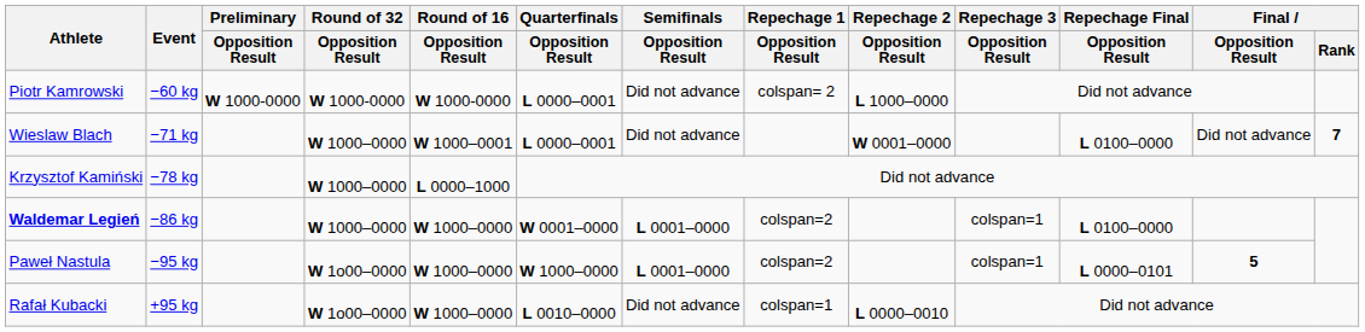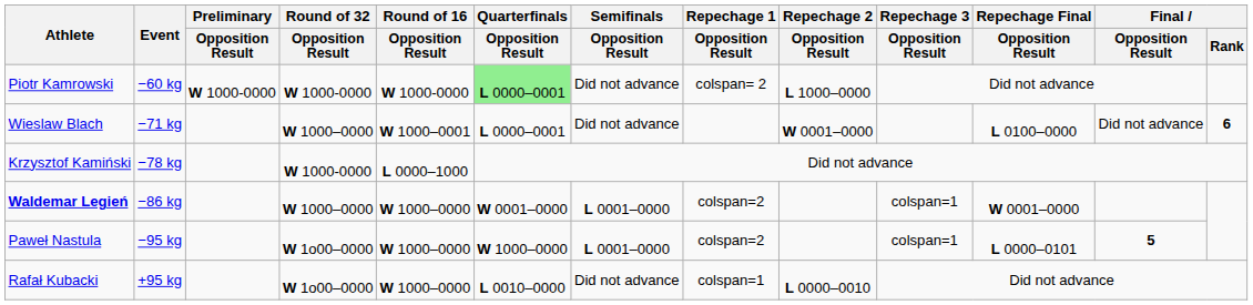 <table class="wikitable" style="font-size:90%">
 <tr>
 <th rowspan="2">Athlete</th>
 <th rowspan="2">Event</th>
 <th>Preliminary</th>
 <th>Round of 32</th>
 <th>Round of 16</th>
 <th>Quarterfinals</th>
 <th>Semifinals</th>
 <th>Repechage 1</th>
 <th>Repechage 2</th>
 <th>Repechage 3</th>
 <th>Repechage Final</th>
 <th colspan=2>Final / </th>
 </tr>
 <tr style="font-size:95%">
 <th>Opposition<br>Result</th>
 <th>Opposition<br>Result</th>
 <th>Opposition<br>Result</th>
 <th>Opposition<br>Result</th>
 <th>Opposition<br>Result</th>
 <th>Opposition<br>Result</th>
 <th>Opposition<br>Result</th>
 <th>Opposition<br>Result</th>
 <th>Opposition<br>Result</th>
 <th>Opposition<br>Result</th>
 <th>Rank</th>
 </tr>
 <tr align=center>
 <td align=left><a href='#'>Piotr Kamrowski</a></td>
 <td align=left><a href='#'>−60 kg</a></td>
 <td><br><strong>W</strong> 1000-0000</td>
 <td><br><strong>W</strong> 1000-0000</td>
 <td><br><strong>W</strong> 1000-0000</td>
-<td><br><strong>L</strong> 0000–0001</td>
+<td style="background: lightgreen;"><br><strong>L</strong> 0000–0001</td>
 <td>Did not advance</td>
 <td>colspan= 2 </td>
 <td><br><strong>L</strong> 1000–0000</td>
 <td colspan= 3>Did not advance</td>
 </tr>
 <tr align=center>
 <td align=left><a href='#'>Wieslaw Blach</a></td>
 <td align=left><a href='#'>−71 kg</a></td>
 <td></td>
 <td><br><strong>W</strong> 1000–0000</td>
 <td><br><strong>W</strong> 1000–0001</td>
 <td><br><strong>L</strong> 0000–0001</td>
 <td>Did not advance</td>
 <td></td>
 <td><br><strong>W</strong> 0001–0000</td>
 <td></td>
 <td><br><strong>L</strong> 0100–0000</td>
 <td>Did not advance</td>
-<td><strong>7</strong></td>
+<td><strong>6</strong></td>
 </tr>
 <tr align=center>
 <td align=left><a href='#'>Krzysztof Kamiński</a></td>
 <td align=left><a href='#'>−78 kg</a></td>
 <td></td>
-<td><br><strong>W</strong> 1000–0000</td>
+<td><br><strong>W</strong> 1000-0000</td>
 <td><br><strong>L</strong> 0000–1000</td>
 <td colspan=8>Did not advance</td>
 </tr>
 <tr align=center>
 <td align=left><strong><a href='#'>Waldemar Legień</a></strong></td>
 <td align=left><a href='#'>−86 kg</a></td>
 <td></td>
 <td><br><strong>W</strong> 1000–0000</td>
 <td><br><strong>W</strong> 1000–0000</td>
 <td><br><strong>W</strong> 0001–0000</td>
 <td><br><strong>L</strong> 0001–0000</td>
 <td>colspan=2 </td>
 <td></td>
 <td>colspan=1 </td>
-<td><br><strong>L</strong> 0100–0000</td>
+<td><br><strong>W</strong> 0001–0000</td>
 <td></td>
 </tr>
 <tr align=center>
 <td align=left><a href='#'>Paweł Nastula</a></td>
 <td align=left><a href='#'>−95 kg</a></td>
 <td></td>
 <td><br><strong>W</strong> 1o00–0000</td>
 <td><br><strong>W</strong> 1000–0000</td>
 <td><br><strong>W</strong> 1000–0000</td>
 <td><br><strong>L</strong> 0001–0000</td>
 <td>colspan=2 </td>
 <td></td>
 <td>colspan=1 </td>
 <td><br><strong>L</strong> 0000–0101</td>
 <td><strong>5</strong></td>
 </tr>
 <tr align=center>
 <td align=left><a href='#'>Rafał Kubacki</a></td>
 <td align=left><a href='#'>+95 kg</a></td>
 <td></td>
 <td><br><strong>W</strong> 1o00–0000</td>
 <td><br><strong>W</strong> 1000–0000</td>
 <td><br><strong>L</strong> 0010–0000</td>
 <td colspan=1>Did not advance</td>
 <td>colspan=1 </td>
 <td><br><strong>L</strong> 0000–0010</td>
 <td colspan=4>Did not advance</td>
 </tr>
 </table>
